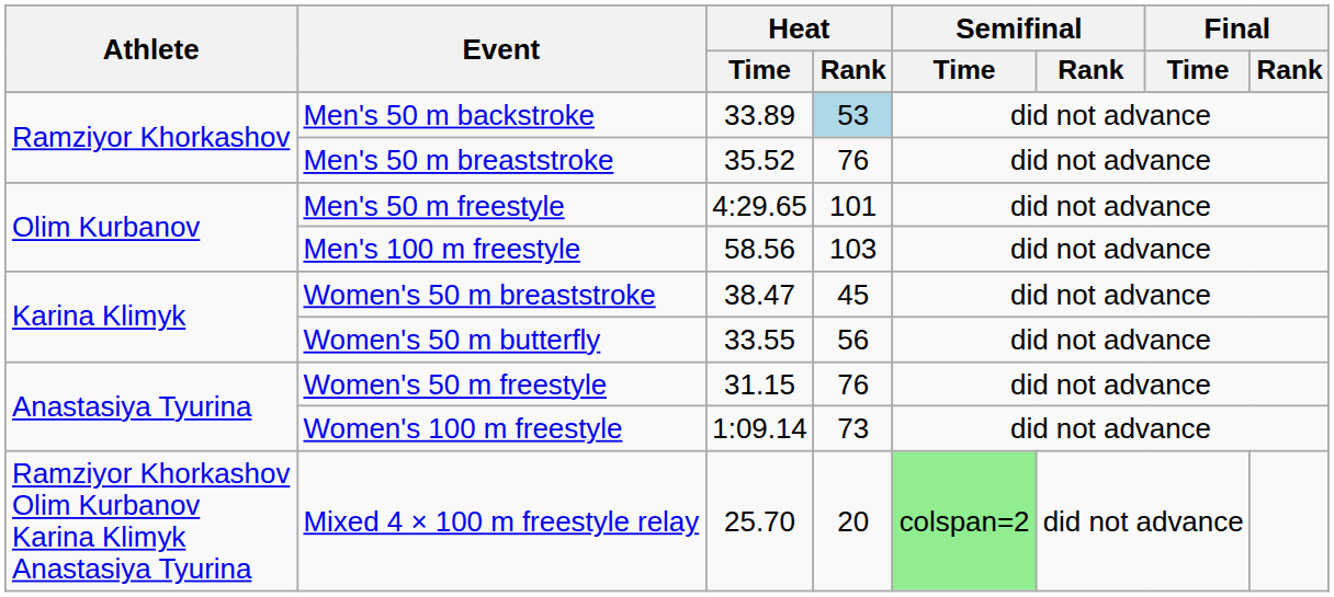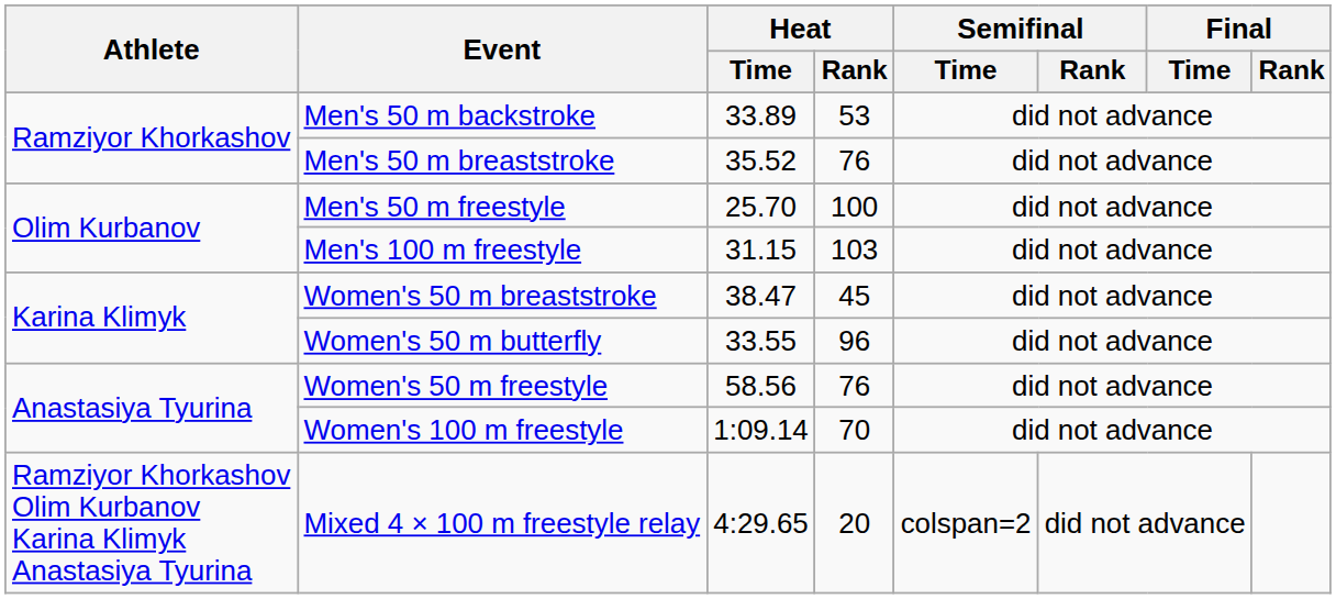 <table class=wikitable style="font-size:90%">
 <tr>
 <th rowspan="2">Athlete</th>
 <th rowspan="2">Event</th>
 <th colspan="2">Heat</th>
 <th colspan="2">Semifinal</th>
 <th colspan="2">Final</th>
 </tr>
 <tr style="font-size:95%">
 <th>Time</th>
 <th>Rank</th>
 <th>Time</th>
 <th>Rank</th>
 <th>Time</th>
 <th>Rank</th>
 </tr>
 <tr align=center>
 <td align=left rowspan=2><a href='#'>Ramziyor Khorkashov</a></td>
 <td align=left><a href='#'>Men's 50 m backstroke</a></td>
 <td>33.89</td>
-<td style="background: lightblue;">53</td>
+<td>53</td>
 <td colspan=4>did not advance</td>
 </tr>
 <tr align=center>
 <td align=left><a href='#'>Men's 50 m breaststroke</a></td>
 <td>35.52</td>
 <td>76</td>
 <td colspan=4>did not advance</td>
 </tr>
 <tr align=center>
 <td align=left rowspan=2><a href='#'>Olim Kurbanov</a></td>
 <td align=left><a href='#'>Men's 50 m freestyle</a></td>
-<td>4:29.65</td>
-<td>101</td>
+<td>25.70</td>
+<td>100</td>
 <td colspan=4>did not advance</td>
 </tr>
 <tr align=center>
 <td align=left><a href='#'>Men's 100 m freestyle</a></td>
-<td>58.56</td>
+<td>31.15</td>
 <td>103</td>
 <td colspan=4>did not advance</td>
 </tr>
 <tr align=center>
 <td align=left rowspan=2><a href='#'>Karina Klimyk</a></td>
 <td align=left><a href='#'>Women's 50 m breaststroke</a></td>
 <td>38.47</td>
 <td>45</td>
 <td colspan=4>did not advance</td>
 </tr>
 <tr align=center>
 <td align=left><a href='#'>Women's 50 m butterfly</a></td>
 <td>33.55</td>
-<td>56</td>
+<td>96</td>
 <td colspan=4>did not advance</td>
 </tr>
 <tr align=center>
 <td align=left rowspan=2><a href='#'>Anastasiya Tyurina</a></td>
 <td align=left><a href='#'>Women's 50 m freestyle</a></td>
-<td>31.15</td>
+<td>58.56</td>
 <td>76</td>
 <td colspan=4>did not advance</td>
 </tr>
 <tr align=center>
 <td align=left><a href='#'>Women's 100 m freestyle</a></td>
 <td>1:09.14</td>
-<td>73</td>
+<td>70</td>
 <td colspan=4>did not advance</td>
 </tr>
 <tr align=center>
 <td align=left><a href='#'>Ramziyor Khorkashov</a><br><a href='#'>Olim Kurbanov</a><br><a href='#'>Karina Klimyk</a><br><a href='#'>Anastasiya Tyurina</a></td>
 <td align=left><a href='#'>Mixed 4 × 100 m freestyle relay</a></td>
-<td>25.70</td>
+<td>4:29.65</td>
 <td>20</td>
-<td style="background: lightgreen;">colspan=2 </td>
+<td>colspan=2 </td>
 <td colspan=2>did not advance</td>
 </tr>
 </table>
